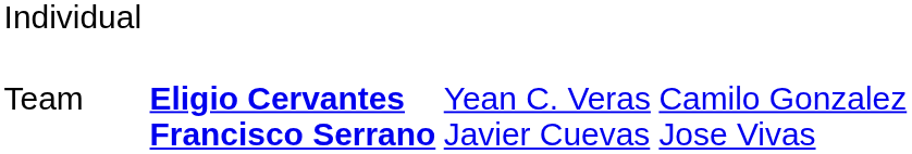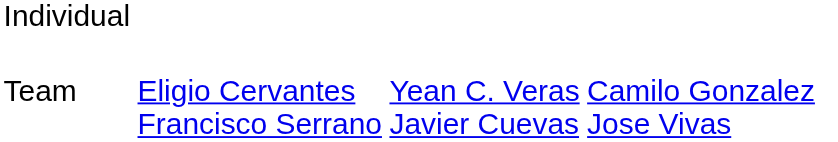 <table>
 <tr>
 <td>Individual</td>
 <td></td>
 <td></td>
 <td></td>
 </tr>
 <tr>
 <td>Team</td>
-<td><strong><br><a href='#'>Eligio Cervantes</a><br><a href='#'>Francisco Serrano</a></strong></td>
+<td><br><a href='#'>Eligio Cervantes</a><br><a href='#'>Francisco Serrano</a></td>
 <td><br><a href='#'>Yean C. Veras</a><br><a href='#'>Javier Cuevas</a></td>
 <td><br><a href='#'>Camilo Gonzalez</a><br><a href='#'>Jose Vivas</a></td>
 </tr>
 </table>
